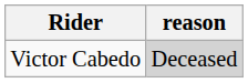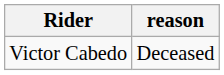 <table class="wikitable">
 <tr>
 <th>Rider</th>
 <th>reason</th>
 </tr>
 <tr>
 <td>Victor Cabedo</td>
-<td style="background: lightgrey;">Deceased</td>
+<td>Deceased</td>
 </tr>
 </table>
